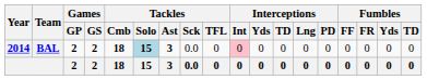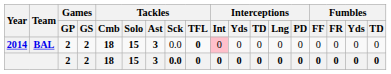 <table class="wikitable" style="text-align:center">
 <tr>
 <th rowspan="2">Year</th>
 <th rowspan="2">Team</th>
 <th colspan="2">Games</th>
 <th colspan="5">Tackles</th>
 <th colspan="5">Interceptions</th>
 <th colspan="4">Fumbles</th>
 </tr>
 <tr>
 <th>GP</th>
 <th>GS</th>
 <th>Cmb</th>
 <th>Solo</th>
 <th>Ast</th>
 <th>Sck</th>
 <th>TFL</th>
 <th>Int</th>
 <th>Yds</th>
 <th>TD</th>
 <th>Lng</th>
 <th>PD</th>
 <th>FF</th>
 <th>FR</th>
 <th>Yds</th>
 <th>TD</th>
 </tr>
 <tr>
 <th><a href='#'>2014</a></th>
 <th><a href='#'>BAL</a></th>
 <td><strong>2</strong></td>
 <td><strong>2</strong></td>
 <td><strong>18</strong></td>
-<td style="background: lightblue;"><strong>15</strong></td>
+<td><strong>15</strong></td>
 <td><strong>3</strong></td>
 <td>0.0</td>
-<td>0</td>
+<td><strong>0</strong></td>
 <td style="background: pink;">0</td>
 <td>0</td>
 <td>0</td>
 <td>0</td>
 <td>0</td>
 <td>0</td>
 <td>0</td>
 <td>0</td>
 <td>0</td>
 </tr>
 <tr>
 <th colspan="2"></th>
 <th>2</th>
 <th>2</th>
 <th>18</th>
 <th>15</th>
 <th>3</th>
 <th>0.0</th>
 <th>0</th>
 <th>0</th>
 <th>0</th>
 <th>0</th>
 <th>0</th>
 <th>0</th>
 <th>0</th>
 <th>0</th>
 <th>0</th>
 <th>0</th>
 </tr>
 </table>
